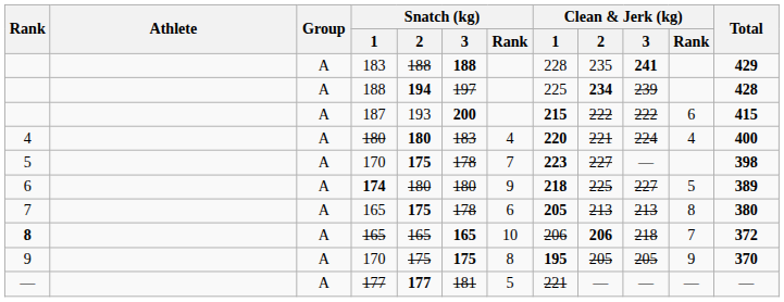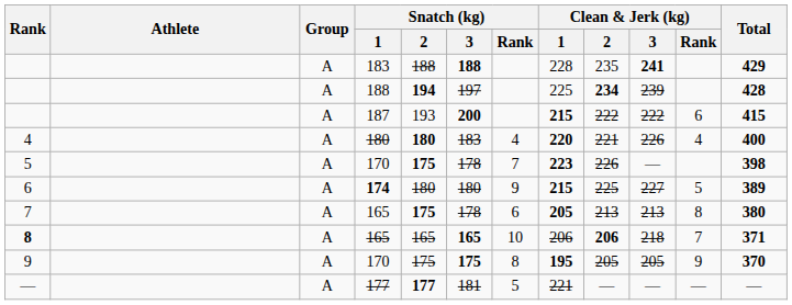 <table class = "wikitable" style="text-align:center;">
 <tr>
 <th rowspan=2 width=40>Rank</th>
 <th rowspan=2 width=250>Athlete</th>
 <th rowspan=2 width=50>Group</th>
 <th colspan=4>Snatch (kg)</th>
 <th colspan=4>Clean & Jerk (kg)</th>
 <th rowspan=2 width=60>Total</th>
 </tr>
 <tr>
 <th width=40>1</th>
 <th width=40>2</th>
 <th width=40>3</th>
 <th width=40>Rank</th>
 <th width=40>1</th>
 <th width=40>2</th>
 <th width=40>3</th>
 <th width=40>Rank</th>
 </tr>
 <tr>
 <td></td>
 <td align=left></td>
 <td>A</td>
 <td>183</td>
 <td><s>188</s></td>
 <td><strong>188</strong></td>
 <td></td>
 <td>228</td>
 <td>235</td>
 <td><strong>241</strong></td>
 <td></td>
 <td><strong>429</strong></td>
 </tr>
 <tr>
 <td></td>
 <td align=left></td>
 <td>A</td>
 <td>188</td>
 <td><strong>194</strong></td>
 <td><s>197</s></td>
 <td></td>
 <td>225</td>
 <td><strong>234</strong></td>
 <td><s>239</s></td>
 <td></td>
 <td><strong>428</strong></td>
 </tr>
 <tr>
 <td></td>
 <td align=left></td>
 <td>A</td>
 <td>187</td>
 <td>193</td>
 <td><strong>200</strong></td>
 <td></td>
 <td><strong>215</strong></td>
 <td><s>222</s></td>
 <td><s>222</s></td>
 <td>6</td>
 <td><strong>415</strong></td>
 </tr>
 <tr>
 <td>4</td>
 <td align=left></td>
 <td>A</td>
 <td><s>180</s></td>
 <td><strong>180</strong></td>
 <td><s>183</s></td>
 <td>4</td>
 <td><strong>220</strong></td>
 <td><s>221</s></td>
-<td><s>224</s></td>
+<td><s>226</s></td>
 <td>4</td>
 <td><strong>400</strong></td>
 </tr>
 <tr>
 <td>5</td>
 <td align=left></td>
 <td>A</td>
 <td>170</td>
 <td><strong>175</strong></td>
 <td><s>178</s></td>
 <td>7</td>
 <td><strong>223</strong></td>
-<td><s>227</s></td>
+<td><s>226</s></td>
 <td>—</td>
 <td></td>
 <td><strong>398</strong></td>
 </tr>
 <tr>
 <td>6</td>
 <td align=left></td>
 <td>A</td>
 <td><strong>174</strong></td>
 <td><s>180</s></td>
 <td><s>180</s></td>
 <td>9</td>
-<td><strong>218</strong></td>
+<td><strong>215</strong></td>
 <td><s>225</s></td>
 <td><s>227</s></td>
 <td>5</td>
 <td><strong>389</strong></td>
 </tr>
 <tr>
 <td>7</td>
 <td align=left></td>
 <td>A</td>
 <td>165</td>
 <td><strong>175</strong></td>
 <td><s>178</s></td>
 <td>6</td>
 <td><strong>205</strong></td>
 <td><s>213</s></td>
 <td><s>213</s></td>
 <td>8</td>
 <td><strong>380</strong></td>
 </tr>
 <tr>
 <td><strong>8</strong></td>
 <td align=left></td>
 <td>A</td>
 <td><s>165</s></td>
 <td><s>165</s></td>
 <td><strong>165</strong></td>
 <td>10</td>
 <td><s>206</s></td>
 <td><strong>206</strong></td>
 <td><s>218</s></td>
 <td>7</td>
-<td><strong>372</strong></td>
+<td><strong>371</strong></td>
 </tr>
 <tr>
 <td>9</td>
 <td align=left></td>
 <td>A</td>
 <td>170</td>
 <td><s>175</s></td>
 <td><strong>175</strong></td>
 <td>8</td>
 <td><strong>195</strong></td>
 <td><s>205</s></td>
 <td><s>205</s></td>
 <td>9</td>
 <td><strong>370</strong></td>
 </tr>
 <tr>
 <td>—</td>
 <td align=left></td>
 <td>A</td>
 <td><s>177</s></td>
 <td><strong>177</strong></td>
 <td><s>181</s></td>
 <td>5</td>
 <td><s>221</s></td>
 <td>—</td>
 <td>—</td>
 <td>—</td>
 <td>—</td>
 </tr>
 </table>
